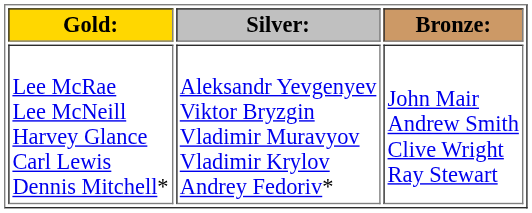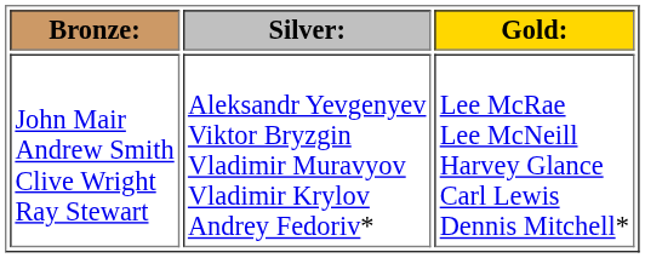 <table border="1" Cellpadding="2">
 <tr>
+<td style="text-align:center;background-color:#CC9966;"><strong>Bronze:</strong></td>
+<td style="text-align:center;background-color:silver;"><strong>Silver:</strong></td>
 <td style="text-align:center;background-color:gold;"><strong>Gold:</strong></td>
-<td style="text-align:center;background-color:silver;"><strong>Silver:</strong></td>
-<td style="text-align:center;background-color:#CC9966;"><strong>Bronze:</strong></td>
 </tr>
 <tr>
+<td><br><a href='#'>John Mair</a><br><a href='#'>Andrew Smith</a><br><a href='#'>Clive Wright</a><br><a href='#'>Ray Stewart</a></td>
+<td><br><a href='#'>Aleksandr Yevgenyev</a><br><a href='#'>Viktor Bryzgin</a><br><a href='#'>Vladimir Muravyov</a><br><a href='#'>Vladimir Krylov</a><br><a href='#'>Andrey Fedoriv</a>*</td>
 <td><br><a href='#'>Lee McRae</a><br><a href='#'>Lee McNeill</a><br><a href='#'>Harvey Glance</a><br><a href='#'>Carl Lewis</a><br><a href='#'>Dennis Mitchell</a>*</td>
-<td><br><a href='#'>Aleksandr Yevgenyev</a><br><a href='#'>Viktor Bryzgin</a><br><a href='#'>Vladimir Muravyov</a><br><a href='#'>Vladimir Krylov</a><br><a href='#'>Andrey Fedoriv</a>*</td>
-<td><br><a href='#'>John Mair</a><br><a href='#'>Andrew Smith</a><br><a href='#'>Clive Wright</a><br><a href='#'>Ray Stewart</a></td>
 </tr>
 </table>
